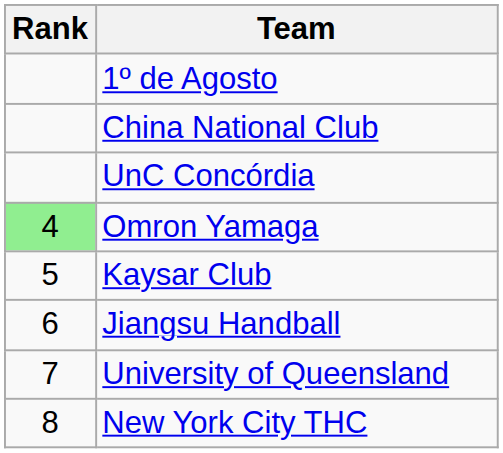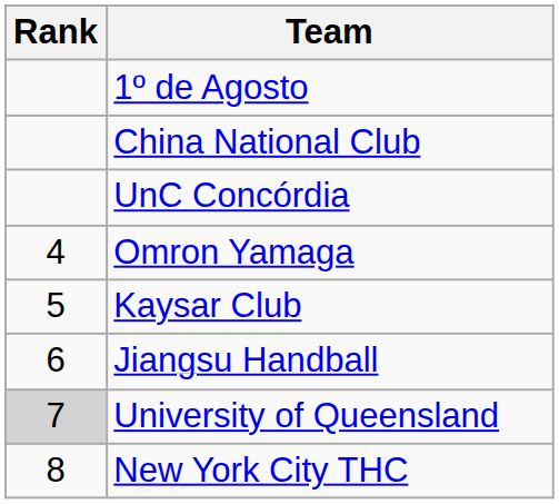 <table class="wikitable">
 <tr>
 <th>Rank</th>
 <th width=200>Team</th>
 </tr>
 <tr>
 <td align=center></td>
 <td> <a href='#'>1º de Agosto</a></td>
 </tr>
 <tr>
 <td align=center></td>
 <td> <a href='#'>China National Club</a></td>
 </tr>
 <tr>
 <td align=center></td>
 <td> <a href='#'>UnC Concórdia</a></td>
 </tr>
 <tr>
-<td align=center style="background: lightgreen;">4</td>
+<td align=center>4</td>
 <td> <a href='#'>Omron Yamaga</a></td>
 </tr>
 <tr>
 <td align=center>5</td>
 <td> <a href='#'>Kaysar Club</a></td>
 </tr>
 <tr>
 <td align=center>6</td>
 <td> <a href='#'>Jiangsu Handball</a></td>
 </tr>
 <tr>
-<td align=center>7</td>
+<td align=center style="background: lightgrey;">7</td>
 <td> <a href='#'>University of Queensland</a></td>
 </tr>
 <tr>
 <td align=center>8</td>
 <td> <a href='#'>New York City THC</a></td>
 </tr>
 </table>
